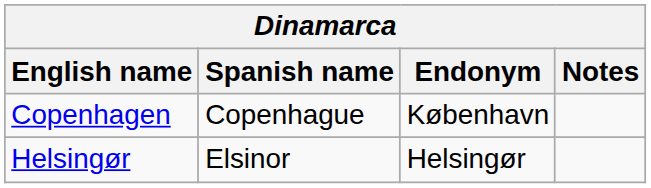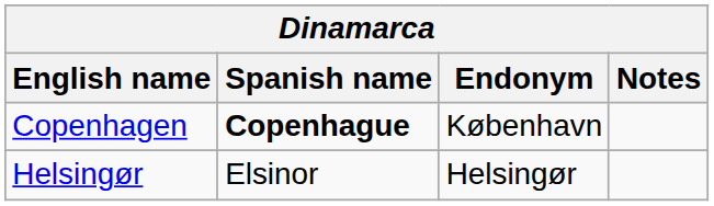 <table class="wikitable sortable">
 <tr>
 <th colspan="4"> <em>Dinamarca</em></th>
 </tr>
 <tr>
 <th>English name</th>
 <th>Spanish name</th>
 <th>Endonym</th>
 <th>Notes</th>
 </tr>
 <tr>
 <td><a href='#'>Copenhagen</a></td>
-<td>Copenhague</td>
+<td><strong>Copenhague</strong></td>
 <td>København</td>
 <td></td>
 </tr>
 <tr>
 <td><a href='#'>Helsingør</a></td>
 <td>Elsinor</td>
 <td>Helsingør</td>
 <td></td>
 </tr>
 </table>
